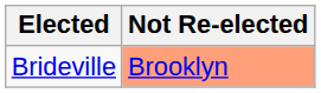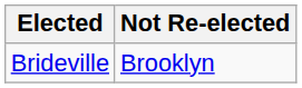 <table class="wikitable">
 <tr>
 <th>Elected</th>
 <th>Not Re-elected</th>
 </tr>
 <tr>
 <td><a href='#'>Brideville</a></td>
-<td style="background: lightsalmon;"><a href='#'>Brooklyn</a></td>
+<td><a href='#'>Brooklyn</a></td>
 </tr>
 </table>
